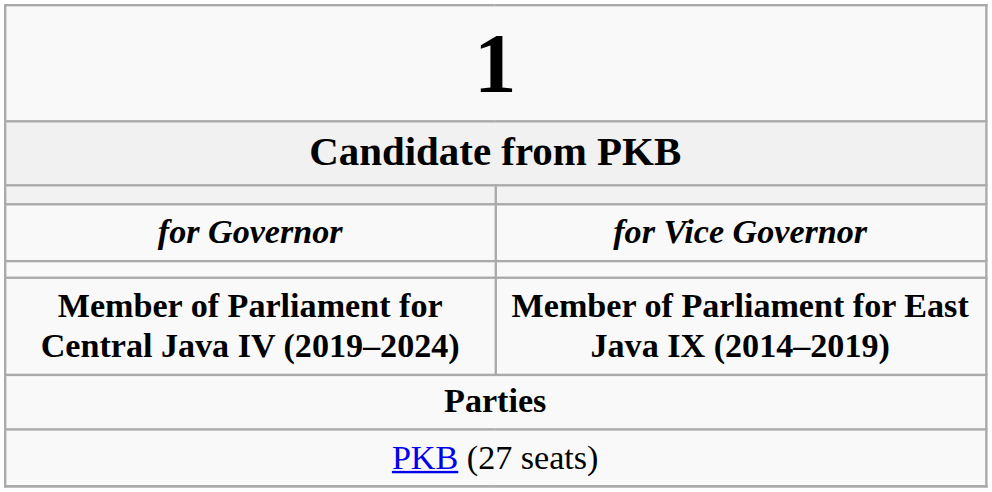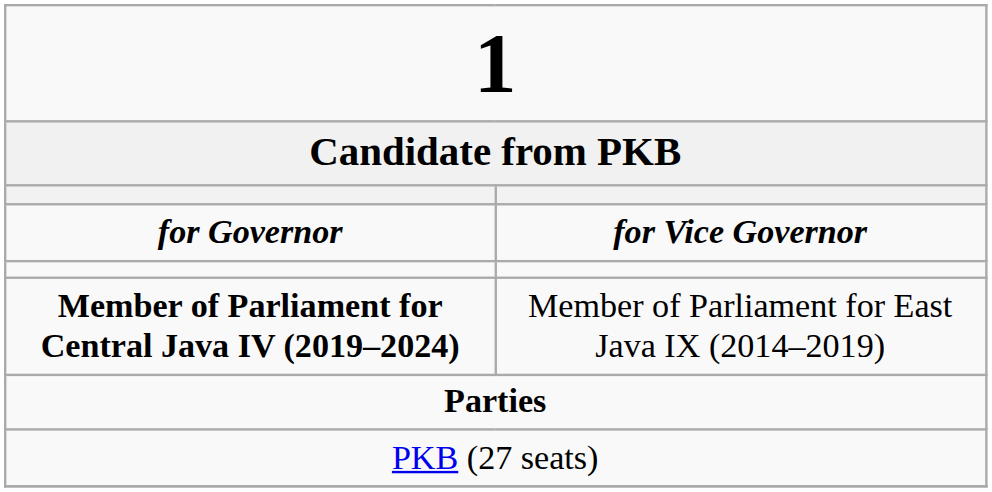 <table class=wikitable style="font-size:90%; text-align:center;">
 <tr>
 <td colspan=2><big><big><big><big><big><strong>1</strong></big></big></big></big></big></td>
 </tr>
 <tr>
 <td colspan=2 style="background:#f1f1f1;"><strong><big>Candidate from PKB</big></strong></td>
 </tr>
 <tr>
 <th style="font-size:135%; color:black; background:#"><a href='#'></a></th>
 <th style="font-size:135%; color:black; background:"><a href='#'></a></th>
 </tr>
 <tr style="font-size:100%; color:black; background:#">
 <td style="width:3em; width:200px;"><strong><em>for Governor</em></strong></td>
 <td style="width:3em; width:200px;"><strong><em>for Vice Governor</em></strong></td>
 </tr>
 <tr>
 <td></td>
 <td></td>
 </tr>
 <tr>
 <td><strong>Member of Parliament for Central Java IV (2019–2024)</strong></td>
-<td><strong>Member of Parliament for East Java IX (2014–2019)</strong></td>
+<td>Member of Parliament for East Java IX (2014–2019)</td>
 </tr>
 <tr>
 <td colspan=2><strong>Parties</strong></td>
 </tr>
 <tr>
 <td colspan=2 style="align:center"> <a href='#'>PKB</a> (27 seats)</td>
 </tr>
 <tr>
 </tr>
 </table>
